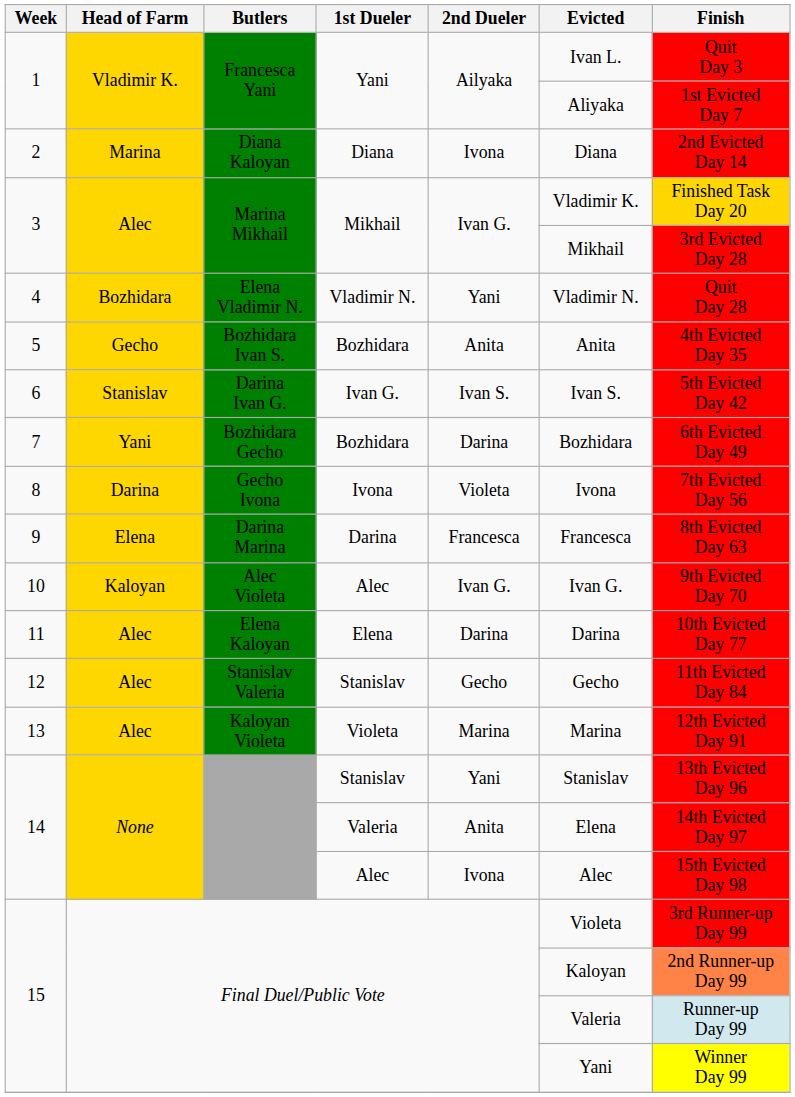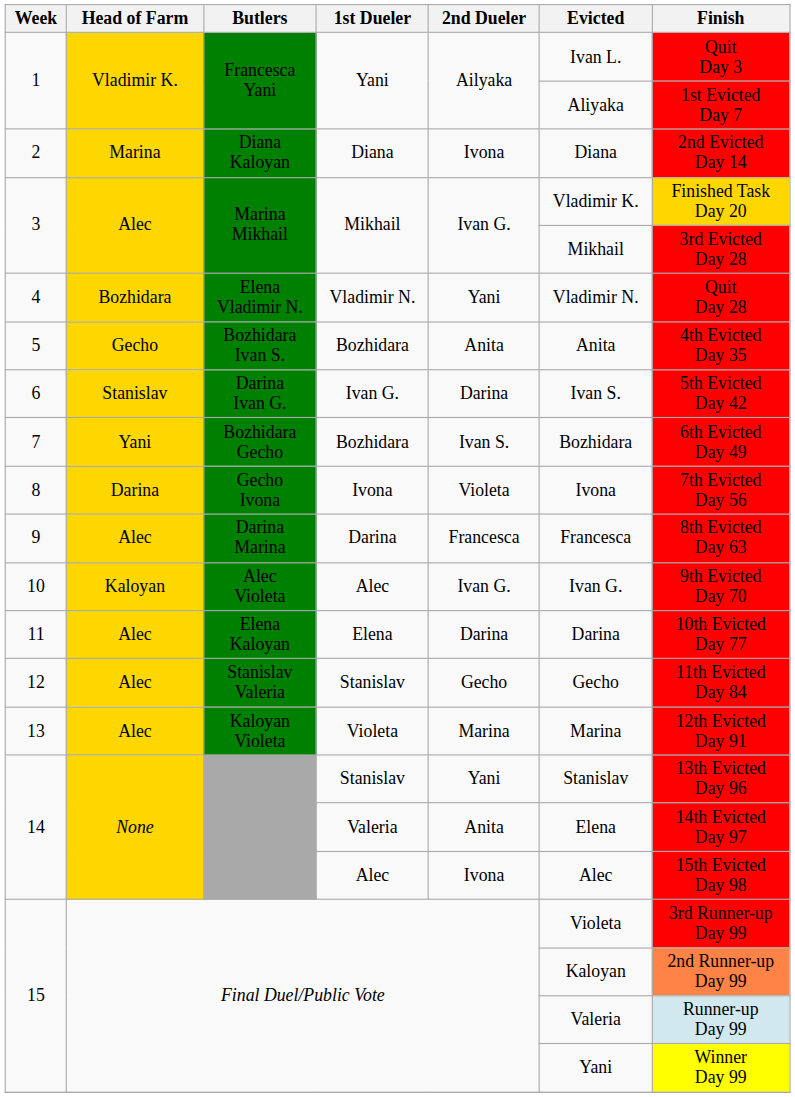 <table class="wikitable" style="font-size:100%; text-align:center; width: 80%; margin-left: auto; margin-right: auto;">
 <tr>
 <th>Week</th>
 <th>Head of Farm</th>
 <th>Butlers</th>
 <th>1st Dueler</th>
 <th>2nd Dueler</th>
 <th>Evicted</th>
 <th>Finish</th>
 </tr>
 <tr>
 <td rowspan="2">1</td>
 <td rowspan="2" style="background:gold;">Vladimir K.</td>
 <td rowspan="2" style="background:green;">Francesca<br>Yani</td>
 <td rowspan="2">Yani</td>
 <td rowspan="2">Ailyaka</td>
 <td rowspan="1">Ivan L.</td>
 <td rowspan="1" style="background:#ff0000">Quit<br>Day 3</td>
 </tr>
 <tr>
 <td rowspan="1">Aliyaka</td>
 <td rowspan="1" style="background:#ff0000">1st Evicted<br>Day 7</td>
 </tr>
 <tr>
 <td>2</td>
 <td style="background:gold;">Marina</td>
 <td style="background:green;">Diana<br>Kaloyan</td>
 <td>Diana</td>
 <td>Ivona</td>
 <td>Diana</td>
 <td style="background:#ff0000">2nd Evicted<br>Day 14</td>
 </tr>
 <tr>
 <td rowspan="2">3</td>
 <td rowspan="2" style="background:gold;">Alec</td>
 <td rowspan="2" style="background:green;">Marina<br>Mikhail</td>
 <td rowspan="2">Mikhail</td>
 <td rowspan="2">Ivan G.</td>
 <td rowspan="1">Vladimir K.</td>
 <td rowspan="1" style="background:gold">Finished Task<br>Day 20</td>
 </tr>
 <tr>
 <td rowspan="1">Mikhail</td>
 <td style="background:#ff0000">3rd Evicted<br>Day 28</td>
 </tr>
 <tr>
 <td>4</td>
 <td style="background:gold;">Bozhidara</td>
 <td style="background:green;">Elena<br>Vladimir N.</td>
 <td>Vladimir N.</td>
 <td>Yani</td>
 <td>Vladimir N.</td>
 <td style="background:#ff0000">Quit<br>Day 28</td>
 </tr>
 <tr>
 <td>5</td>
 <td style="background:gold;">Gecho</td>
 <td style="background:green;">Bozhidara<br>Ivan S.</td>
 <td>Bozhidara</td>
 <td>Anita</td>
 <td>Anita</td>
 <td style="background:#ff0000">4th Evicted<br>Day 35</td>
 </tr>
 <tr>
 <td>6</td>
 <td style="background:gold;">Stanislav</td>
 <td style="background:green;">Darina<br>Ivan G.</td>
 <td>Ivan G.</td>
-<td>Ivan S.</td>
+<td>Darina</td>
 <td>Ivan S.</td>
 <td style="background:#ff0000">5th Evicted<br>Day 42</td>
 </tr>
 <tr>
 <td>7</td>
 <td style="background:gold;">Yani</td>
 <td style="background:green;">Bozhidara<br>Gecho</td>
 <td>Bozhidara</td>
-<td>Darina</td>
+<td>Ivan S.</td>
 <td>Bozhidara</td>
 <td style="background:#ff0000">6th Evicted<br>Day 49</td>
 </tr>
 <tr>
 <td>8</td>
 <td style="background:gold;">Darina</td>
 <td style="background:green;">Gecho<br>Ivona</td>
 <td>Ivona</td>
 <td>Violeta</td>
 <td>Ivona</td>
 <td style="background:#ff0000">7th Evicted<br>Day 56</td>
 </tr>
 <tr>
 <td>9</td>
-<td style="background:gold;">Elena</td>
+<td style="background:gold;">Alec</td>
 <td style="background:green;">Darina<br>Marina</td>
 <td>Darina</td>
 <td>Francesca</td>
 <td>Francesca</td>
 <td style="background:#ff0000">8th Evicted<br>Day 63</td>
 </tr>
 <tr>
 <td>10</td>
 <td style="background:gold;">Kaloyan</td>
 <td style="background:green;">Alec<br>Violeta</td>
 <td>Alec</td>
 <td>Ivan G.</td>
 <td>Ivan G.</td>
 <td style="background:#ff0000">9th Evicted<br>Day 70</td>
 </tr>
 <tr>
 <td>11</td>
 <td style="background:gold;">Alec</td>
 <td style="background:green;">Elena<br>Kaloyan</td>
 <td>Elena</td>
 <td>Darina</td>
 <td>Darina</td>
 <td style="background:#ff0000">10th Evicted<br>Day 77</td>
 </tr>
 <tr>
 <td>12</td>
 <td style="background:gold;">Alec</td>
 <td style="background:green;">Stanislav<br>Valeria</td>
 <td>Stanislav</td>
 <td>Gecho</td>
 <td>Gecho</td>
 <td style="background:#ff0000">11th Evicted<br>Day 84</td>
 </tr>
 <tr>
 <td>13</td>
 <td style="background:gold;">Alec</td>
 <td style="background:green;">Kaloyan<br>Violeta</td>
 <td>Violeta</td>
 <td>Marina</td>
 <td>Marina</td>
 <td style="background:#ff0000">12th Evicted<br>Day 91</td>
 </tr>
 <tr>
 <td rowspan="3">14</td>
 <td rowspan="3" style="background:gold;"><em>None</em></td>
 <td rowspan="3" bgcolor="darkgrey"></td>
 <td rowspan="1">Stanislav</td>
 <td rowspan="1">Yani</td>
 <td rowspan="1">Stanislav</td>
 <td rowspan="1" style="background:#ff0000">13th Evicted<br>Day 96</td>
 </tr>
 <tr>
 <td rowspan="1">Valeria</td>
 <td>Anita</td>
 <td rowspan="1">Elena</td>
 <td rowspan="1" style="background:#ff0000">14th Evicted<br>Day 97</td>
 </tr>
 <tr>
 <td rowspan="1">Alec</td>
 <td>Ivona</td>
 <td rowspan="1">Alec</td>
 <td rowspan="1" style="background:#ff0000">15th Evicted<br>Day 98</td>
 </tr>
 <tr>
 <td rowspan="4">15</td>
 <td colspan="4" rowspan="4"><em>Final Duel/Public Vote</em></td>
 <td rowspan="1">Violeta</td>
 <td rowspan="1" style="background:#ff0000;">3rd Runner-up<br>Day 99</td>
 </tr>
 <tr>
 <td rowspan="1">Kaloyan</td>
 <td rowspan="1" style="background:#FF8247;">2nd Runner-up<br>Day 99</td>
 </tr>
 <tr>
 <td rowspan="1">Valeria</td>
 <td rowspan="1" style="background:#D1E8EF">Runner-up<br>Day 99</td>
 </tr>
 <tr>
 <td rowspan="1">Yani</td>
 <td rowspan="1" style="background:yellow">Winner<br>Day 99</td>
 </tr>
 <tr>
 </tr>
 </table>
